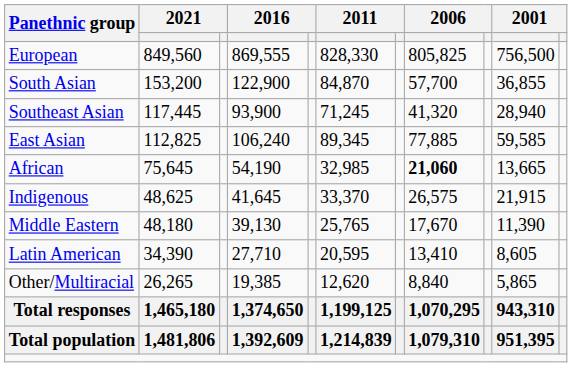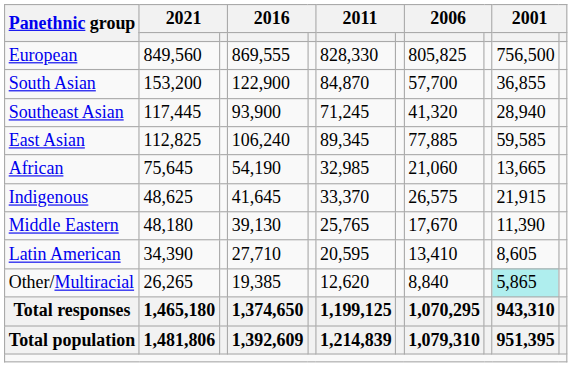 <table class="wikitable collapsible sortable">
 <tr>
 <th rowspan="2"><a href='#'>Panethnic</a> group</th>
 <th colspan="2">2021</th>
 <th colspan="2">2016</th>
 <th colspan="2">2011</th>
 <th colspan="2">2006</th>
 <th colspan="2">2001</th>
 </tr>
 <tr>
 <th><a href='#'></a></th>
 <th></th>
 <th></th>
 <th></th>
 <th></th>
 <th></th>
 <th></th>
 <th></th>
 <th></th>
 <th></th>
 </tr>
 <tr>
 <td><a href='#'>European</a></td>
 <td>849,560</td>
 <td></td>
 <td>869,555</td>
 <td></td>
 <td>828,330</td>
 <td></td>
 <td>805,825</td>
 <td></td>
 <td>756,500</td>
 <td></td>
 </tr>
 <tr>
 <td><a href='#'>South Asian</a></td>
 <td>153,200</td>
 <td></td>
 <td>122,900</td>
 <td></td>
 <td>84,870</td>
 <td></td>
 <td>57,700</td>
 <td></td>
 <td>36,855</td>
 <td></td>
 </tr>
 <tr>
 <td><a href='#'>Southeast Asian</a></td>
 <td>117,445</td>
 <td></td>
 <td>93,900</td>
 <td></td>
 <td>71,245</td>
 <td></td>
 <td>41,320</td>
 <td></td>
 <td>28,940</td>
 <td></td>
 </tr>
 <tr>
 <td><a href='#'>East Asian</a></td>
 <td>112,825</td>
 <td></td>
 <td>106,240</td>
 <td></td>
 <td>89,345</td>
 <td></td>
 <td>77,885</td>
 <td></td>
 <td>59,585</td>
 <td></td>
 </tr>
 <tr>
 <td><a href='#'>African</a></td>
 <td>75,645</td>
 <td></td>
 <td>54,190</td>
 <td></td>
 <td>32,985</td>
 <td></td>
-<td><strong>21,060</strong></td>
+<td>21,060</td>
 <td></td>
 <td>13,665</td>
 <td></td>
 </tr>
 <tr>
 <td><a href='#'>Indigenous</a></td>
 <td>48,625</td>
 <td></td>
 <td>41,645</td>
 <td></td>
 <td>33,370</td>
 <td></td>
 <td>26,575</td>
 <td></td>
 <td>21,915</td>
 <td></td>
 </tr>
 <tr>
 <td><a href='#'>Middle Eastern</a></td>
 <td>48,180</td>
 <td></td>
 <td>39,130</td>
 <td></td>
 <td>25,765</td>
 <td></td>
 <td>17,670</td>
 <td></td>
 <td>11,390</td>
 <td></td>
 </tr>
 <tr>
 <td><a href='#'>Latin American</a></td>
 <td>34,390</td>
 <td></td>
 <td>27,710</td>
 <td></td>
 <td>20,595</td>
 <td></td>
 <td>13,410</td>
 <td></td>
 <td>8,605</td>
 <td></td>
 </tr>
 <tr>
 <td>Other/<a href='#'>Multiracial</a></td>
 <td>26,265</td>
 <td></td>
 <td>19,385</td>
 <td></td>
 <td>12,620</td>
 <td></td>
 <td>8,840</td>
 <td></td>
-<td>5,865</td>
+<td style="background: paleturquoise;">5,865</td>
 <td></td>
 </tr>
 <tr>
 <th>Total responses</th>
 <th>1,465,180</th>
 <th></th>
 <th>1,374,650</th>
 <th></th>
 <th>1,199,125</th>
 <th></th>
 <th>1,070,295</th>
 <th></th>
 <th>943,310</th>
 <th></th>
 </tr>
 <tr>
 <th>Total population</th>
 <th>1,481,806</th>
 <th></th>
 <th>1,392,609</th>
 <th></th>
 <th>1,214,839</th>
 <th></th>
 <th>1,079,310</th>
 <th></th>
 <th>951,395</th>
 <th></th>
 </tr>
 <tr class="sortbottom">
 <td colspan="11"></td>
 </tr>
 </table>
